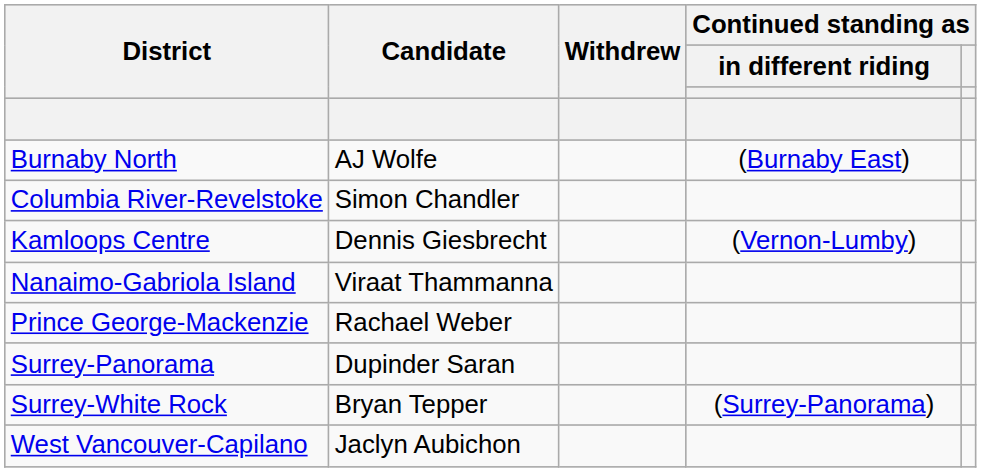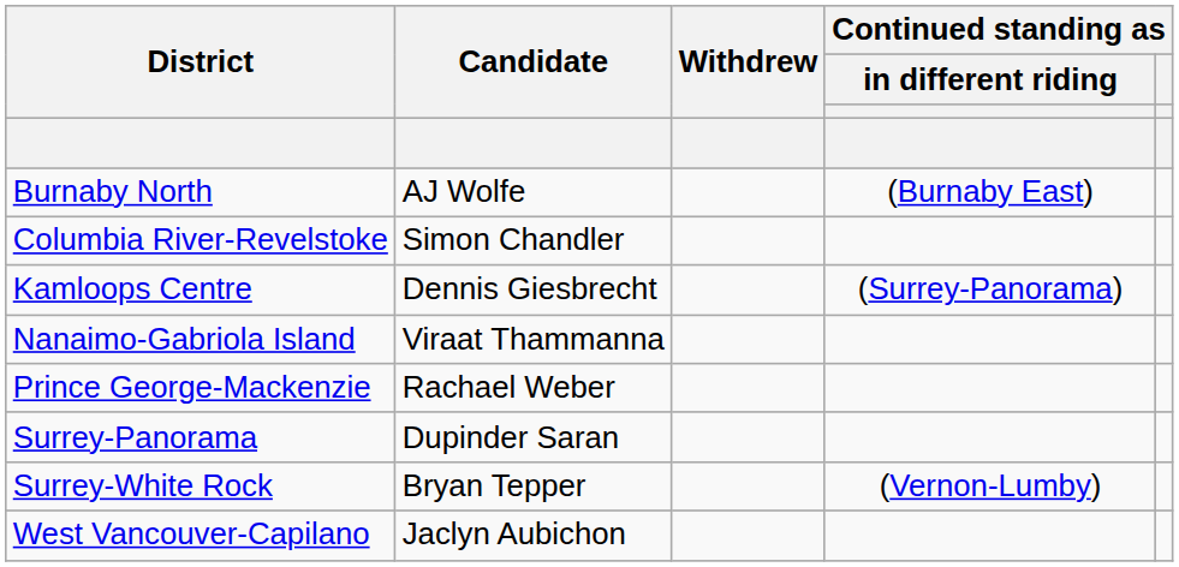 <table class="wikitable sortable mw-collapsible" style="text-align:center;">
 <tr>
 <th rowspan="3">District</th>
 <th rowspan="3">Candidate</th>
 <th rowspan="3">Withdrew</th>
 <th colspan="3">Continued standing as</th>
 </tr>
 <tr>
 <th> in different riding</th>
 <th></th>
 </tr>
 <tr>
 <th style="background-color:"></th>
 <th style="background-color:"></th>
 </tr>
 <tr>
 <th> </th>
 <th></th>
 <th></th>
 <th></th>
 <th></th>
 </tr>
 <tr>
 <td style="text-align:left;"><a href='#'>Burnaby North</a></td>
 <td style="text-align:left;">AJ Wolfe</td>
 <td></td>
 <td> (<a href='#'>Burnaby East</a>)</td>
 <td></td>
 </tr>
 <tr>
 <td style="text-align:left;"><a href='#'>Columbia River-Revelstoke</a></td>
 <td style="text-align:left;">Simon Chandler</td>
 <td></td>
 <td></td>
 <td></td>
 </tr>
 <tr>
 <td style="text-align:left;"><a href='#'>Kamloops Centre</a></td>
 <td style="text-align:left;">Dennis Giesbrecht</td>
 <td></td>
-<td> (<a href='#'>Vernon-Lumby</a>)</td>
+<td> (<a href='#'>Surrey-Panorama</a>)</td>
 <td></td>
 </tr>
 <tr>
 <td style="text-align:left;"><a href='#'>Nanaimo-Gabriola Island</a></td>
 <td style="text-align:left;">Viraat Thammanna</td>
 <td></td>
 <td></td>
 <td></td>
 </tr>
 <tr>
 <td style="text-align:left;"><a href='#'>Prince George-Mackenzie</a></td>
 <td style="text-align:left;">Rachael Weber</td>
 <td></td>
 <td></td>
 <td></td>
 </tr>
 <tr>
 <td style="text-align:left;"><a href='#'>Surrey-Panorama</a></td>
 <td style="text-align:left;">Dupinder Saran</td>
 <td></td>
 <td></td>
 <td></td>
 </tr>
 <tr>
 <td style="text-align:left;"><a href='#'>Surrey-White Rock</a></td>
 <td style="text-align:left;">Bryan Tepper</td>
 <td></td>
-<td> (<a href='#'>Surrey-Panorama</a>)</td>
+<td> (<a href='#'>Vernon-Lumby</a>)</td>
 <td></td>
 </tr>
 <tr>
 <td style="text-align:left;"><a href='#'>West Vancouver-Capilano</a></td>
 <td style="text-align:left;">Jaclyn Aubichon</td>
 <td></td>
 <td></td>
 <td></td>
 </tr>
 </table>
